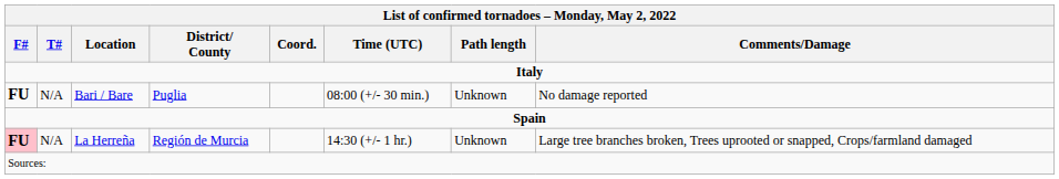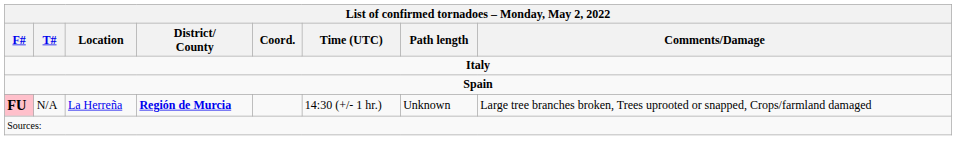 <table class="wikitable collapsible" width="100%">
 <tr>
 <th colspan="8">List of confirmed tornadoes – Monday, May 2, 2022</th>
 </tr>
 <tr>
 <th><a href='#'>F#</a></th>
 <th><a href='#'>T#</a></th>
 <th>Location</th>
 <th>District/<br>County</th>
 <th>Coord.</th>
 <th>Time (UTC)</th>
 <th>Path length</th>
 <th>Comments/Damage</th>
 </tr>
 <tr>
 <td colspan="8" align=center><strong>Italy</strong></td>
 </tr>
 <tr>
-<td><big><strong>FU</strong></big></td>
-<td>N/A</td>
-<td><a href='#'>Bari / Bare</a></td>
-<td><a href='#'>Puglia</a></td>
-<td></td>
-<td>08:00 (+/- 30 min.)</td>
-<td>Unknown</td>
-<td>No damage reported</td>
-</tr>
-<tr>
 <td colspan="8" align=center><strong>Spain</strong></td>
 </tr>
 <tr>
 <td style="background: pink;"><big><strong>FU</strong></big></td>
 <td>N/A</td>
 <td><a href='#'>La Herreña</a></td>
-<td><a href='#'>Región de Murcia</a></td>
+<td><strong><a href='#'>Región de Murcia</a></strong></td>
 <td></td>
 <td>14:30 (+/- 1 hr.)</td>
 <td>Unknown</td>
 <td>Large tree branches broken, Trees uprooted or snapped, Crops/farmland damaged</td>
 </tr>
 <tr>
 <td colspan="8"><small>Sources:  </small></td>
 </tr>
 </table>
